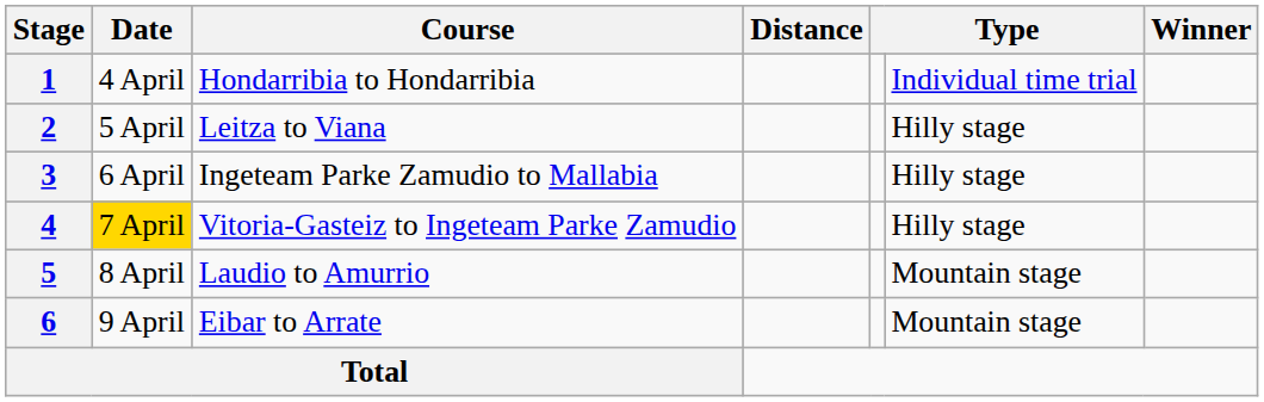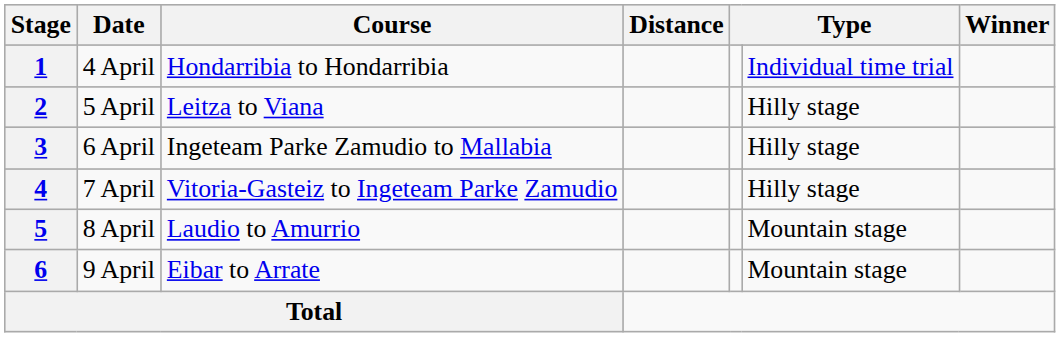 <table class="wikitable">
 <tr>
 <th scope="col">Stage</th>
 <th scope="col">Date</th>
 <th scope="col">Course</th>
 <th scope="col">Distance</th>
 <th scope="col" colspan="2">Type</th>
 <th scope="col">Winner</th>
 </tr>
 <tr>
 <th scope="row"><a href='#'>1</a></th>
 <td style="text-align:center;">4 April</td>
 <td><a href='#'>Hondarribia</a> to Hondarribia</td>
 <td style="text-align:center;"></td>
 <td></td>
 <td><a href='#'>Individual time trial</a></td>
 <td></td>
 </tr>
 <tr>
 <th scope="row"><a href='#'>2</a></th>
 <td style="text-align:center;">5 April</td>
 <td><a href='#'>Leitza</a> to <a href='#'>Viana</a></td>
 <td style="text-align:center;"></td>
 <td></td>
 <td>Hilly stage</td>
 <td></td>
 </tr>
 <tr>
 <th scope="row"><a href='#'>3</a></th>
 <td style="text-align:center;">6 April</td>
 <td>Ingeteam Parke Zamudio to <a href='#'>Mallabia</a></td>
 <td style="text-align:center;"></td>
 <td></td>
 <td>Hilly stage</td>
 <td></td>
 </tr>
 <tr>
 <th scope="row"><a href='#'>4</a></th>
-<td style="background: gold; text-align:center;">7 April</td>
+<td style="text-align:center;">7 April</td>
 <td><a href='#'>Vitoria-Gasteiz</a> to <a href='#'>Ingeteam Parke</a> <a href='#'>Zamudio</a></td>
 <td style="text-align:center;"></td>
 <td></td>
 <td>Hilly stage</td>
 <td></td>
 </tr>
 <tr>
 <th scope="row"><a href='#'>5</a></th>
 <td style="text-align:center;">8 April</td>
 <td><a href='#'>Laudio</a> to <a href='#'>Amurrio</a></td>
 <td style="text-align:center;"></td>
 <td></td>
 <td>Mountain stage</td>
 <td></td>
 </tr>
 <tr>
 <th scope="row"><a href='#'>6</a></th>
 <td style="text-align:center;">9 April</td>
 <td><a href='#'>Eibar</a> to <a href='#'>Arrate</a></td>
 <td style="text-align:center;"></td>
 <td></td>
 <td>Mountain stage</td>
 <td></td>
 </tr>
 <tr>
 <th colspan="3">Total</th>
 <td colspan="5" align="center"></td>
 </tr>
 </table>
